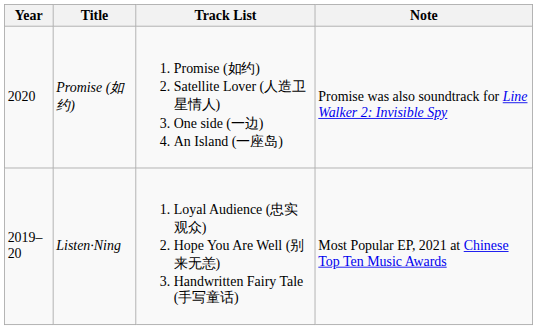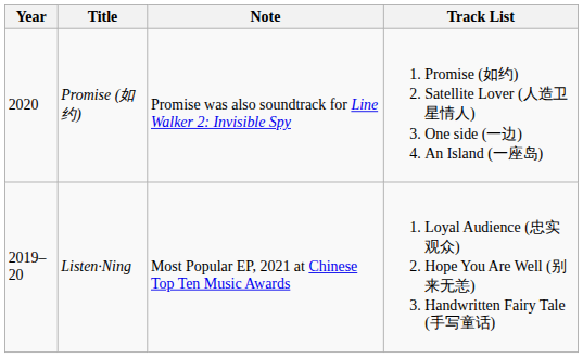 <table class="wikitable">
 <tr>
 <th>Year</th>
 <th>Title</th>
+<th>Note</th>
 <th>Track List</th>
-<th>Note</th>
 </tr>
 <tr>
 <td>2020</td>
 <td><em>Promise (如约)</em> </td>
+<td><br>Promise was also soundtrack for <em><a href='#'>Line Walker 2: Invisible Spy</a></em></td>
 <td><br><ol><li>Promise (如约) <br></li><li>Satellite Lover (人造卫星情人) <br></li><li>One side (一边) <br></li><li>An Island (一座岛) <br></li></ol></td>
-<td><br>Promise was also soundtrack for <em><a href='#'>Line Walker 2: Invisible Spy</a></em></td>
 </tr>
 <tr>
 <td>2019–20</td>
 <td><em>Listen∙Ning</em> </td>
+<td><br>Most Popular EP, 2021 at <a href='#'>Chinese Top Ten Music Awards</a></td>
 <td><br><ol><li>Loyal Audience (忠实观众) <br></li><li>Hope You Are Well (别来无恙) <br></li><li>Handwritten Fairy Tale (手写童话) <br></li></ol></td>
-<td><br>Most Popular EP, 2021 at <a href='#'>Chinese Top Ten Music Awards</a></td>
 </tr>
 </table>
